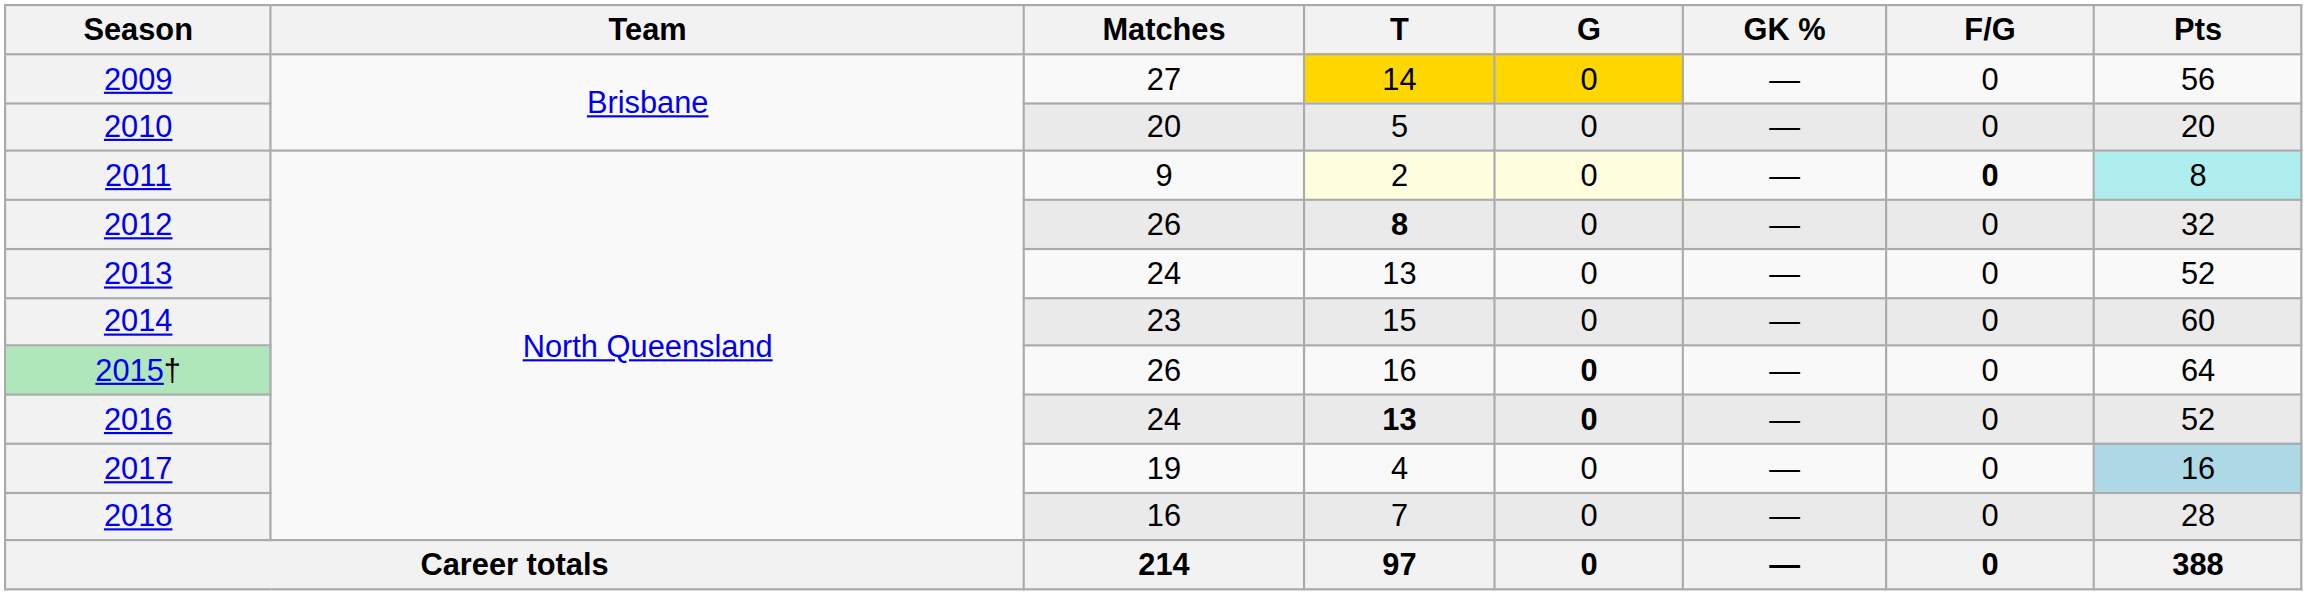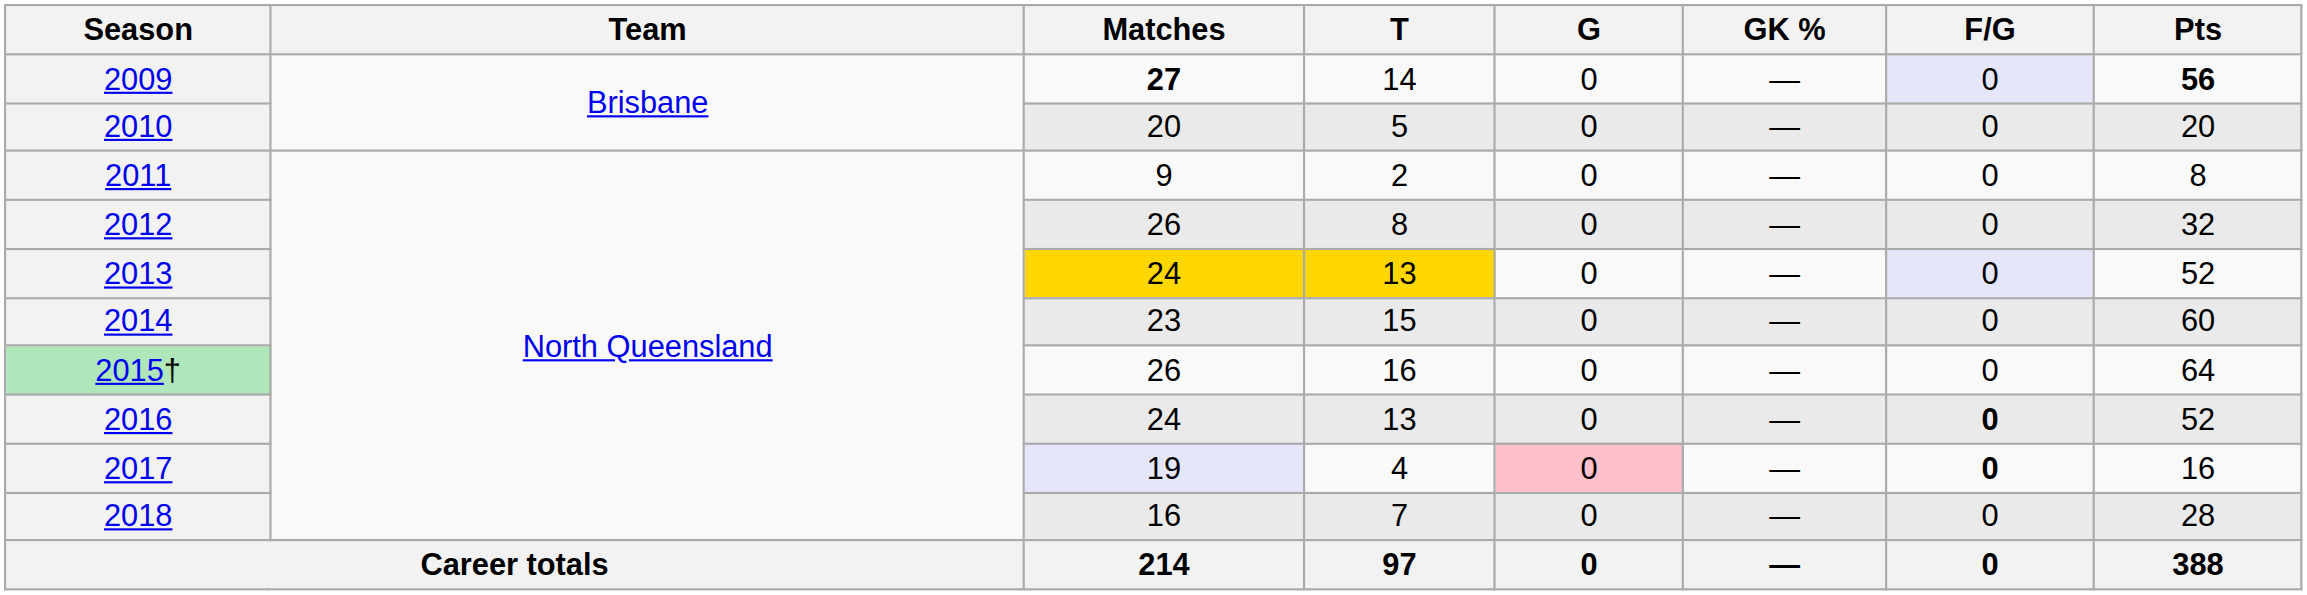 <table class="wikitable sortable"  style="font-size:90%; text-align:center; width:85%;">
 <tr>
 <th width=2%>Season</th>
 <th width=8%>Team</th>
 <th width=2%>Matches</th>
 <th width=2%>T</th>
 <th width=2%>G</th>
 <th width=2%>GK %</th>
 <th width=2%>F/G</th>
 <th width=2%>Pts</th>
 </tr>
 <tr>
 <th scope="row" style="text-align:center; font-weight:normal"><a href='#'>2009</a></th>
 <td rowspan="2" style="text-align:center;"> <a href='#'>Brisbane</a></td>
-<td>27</td>
-<td style="background: gold;">14</td>
-<td style="background: gold;">0</td>
+<td><strong>27</strong></td>
+<td>14</td>
+<td>0</td>
 <td>—</td>
-<td>0</td>
-<td>56</td>
+<td style="background: lavender;">0</td>
+<td><strong>56</strong></td>
 </tr>
 <tr style="background:#eaeaea;">
 <th scope="row" style="text-align:center; font-weight:normal"><a href='#'>2010</a></th>
 <td>20</td>
 <td>5</td>
 <td>0</td>
 <td>—</td>
 <td>0</td>
 <td>20</td>
 </tr>
 <tr>
 <th scope="row" style="text-align:center; font-weight:normal"><a href='#'>2011</a></th>
 <td rowspan="8" style="text-align:center;"> <a href='#'>North Queensland</a></td>
 <td>9</td>
-<td style="background: lightyellow;">2</td>
-<td style="background: lightyellow;">0</td>
+<td>2</td>
+<td>0</td>
 <td>—</td>
-<td><strong>0</strong></td>
-<td style="background: paleturquoise;">8</td>
+<td>0</td>
+<td>8</td>
 </tr>
 <tr style="background:#eaeaea;">
 <th scope="row" style="text-align:center; font-weight:normal"><a href='#'>2012</a></th>
 <td>26</td>
-<td><strong>8</strong></td>
+<td>8</td>
 <td>0</td>
 <td>—</td>
 <td>0</td>
 <td>32</td>
 </tr>
 <tr>
 <th scope="row" style="text-align:center; font-weight:normal"><a href='#'>2013</a></th>
-<td>24</td>
-<td>13</td>
+<td style="background: gold;">24</td>
+<td style="background: gold;">13</td>
 <td>0</td>
 <td>—</td>
-<td>0</td>
+<td style="background: lavender;">0</td>
 <td>52</td>
 </tr>
 <tr style="background:#eaeaea;">
 <th scope="row" style="text-align:center; font-weight:normal"><a href='#'>2014</a></th>
 <td>23</td>
 <td>15</td>
 <td>0</td>
 <td>—</td>
 <td>0</td>
 <td>60</td>
 </tr>
 <tr>
 <th scope="row" style="text-align:center; font-weight:normal; background:#afe6ba;"><a href='#'>2015</a>†</th>
 <td>26</td>
 <td>16</td>
-<td><strong>0</strong></td>
+<td>0</td>
 <td>—</td>
 <td>0</td>
 <td>64</td>
 </tr>
 <tr style="background:#eaeaea;">
 <th scope="row" style="text-align:center; font-weight:normal"><a href='#'>2016</a></th>
 <td>24</td>
-<td><strong>13</strong></td>
+<td>13</td>
+<td>0</td>
+<td>—</td>
 <td><strong>0</strong></td>
-<td>—</td>
-<td>0</td>
 <td>52</td>
 </tr>
 <tr>
 <th scope="row" style="text-align:center; font-weight:normal"><a href='#'>2017</a></th>
-<td>19</td>
+<td style="background: lavender;">19</td>
 <td>4</td>
-<td>0</td>
+<td style="background: pink;">0</td>
 <td>—</td>
-<td>0</td>
-<td style="background: lightblue;">16</td>
+<td><strong>0</strong></td>
+<td>16</td>
 </tr>
 <tr style="background:#eaeaea;">
 <th scope="row" style="text-align:center; font-weight:normal"><a href='#'>2018</a></th>
 <td>16</td>
 <td>7</td>
 <td>0</td>
 <td>—</td>
 <td>0</td>
 <td>28</td>
 </tr>
 <tr class="sortbottom">
 <th colspan=2>Career totals</th>
 <th>214</th>
 <th>97</th>
 <th>0</th>
 <th>—</th>
 <th>0</th>
 <th>388</th>
 </tr>
 </table>
